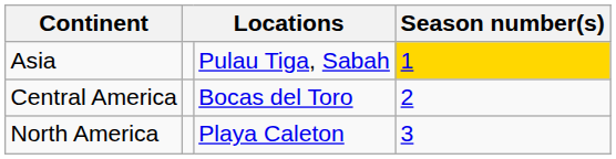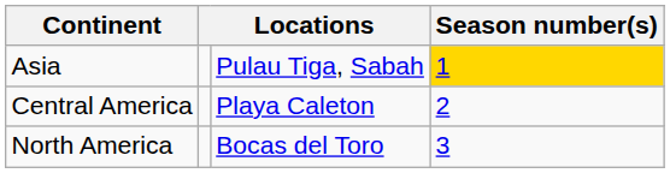 <table class="wikitable">
 <tr>
 <th>Continent</th>
 <th colspan="2">Locations</th>
 <th>Season number(s)</th>
 </tr>
 <tr>
 <td>Asia</td>
 <td></td>
 <td><a href='#'>Pulau Tiga</a>, <a href='#'>Sabah</a></td>
 <td style="background: gold;"><a href='#'>1</a></td>
 </tr>
 <tr>
 <td>Central America</td>
 <td></td>
-<td><a href='#'>Bocas del Toro</a></td>
+<td><a href='#'>Playa Caleton</a></td>
 <td><a href='#'>2</a></td>
 </tr>
 <tr>
 <td>North America</td>
 <td></td>
-<td><a href='#'>Playa Caleton</a></td>
+<td><a href='#'>Bocas del Toro</a></td>
 <td><a href='#'>3</a></td>
 </tr>
 </table>
